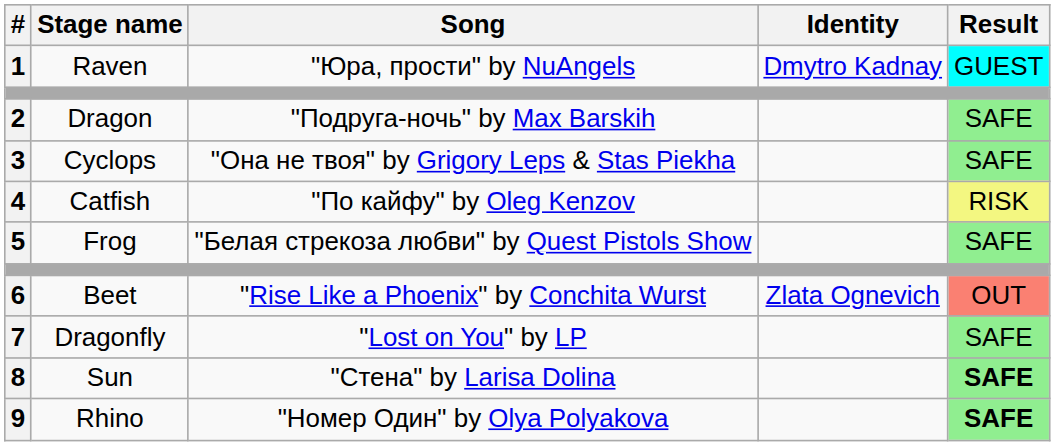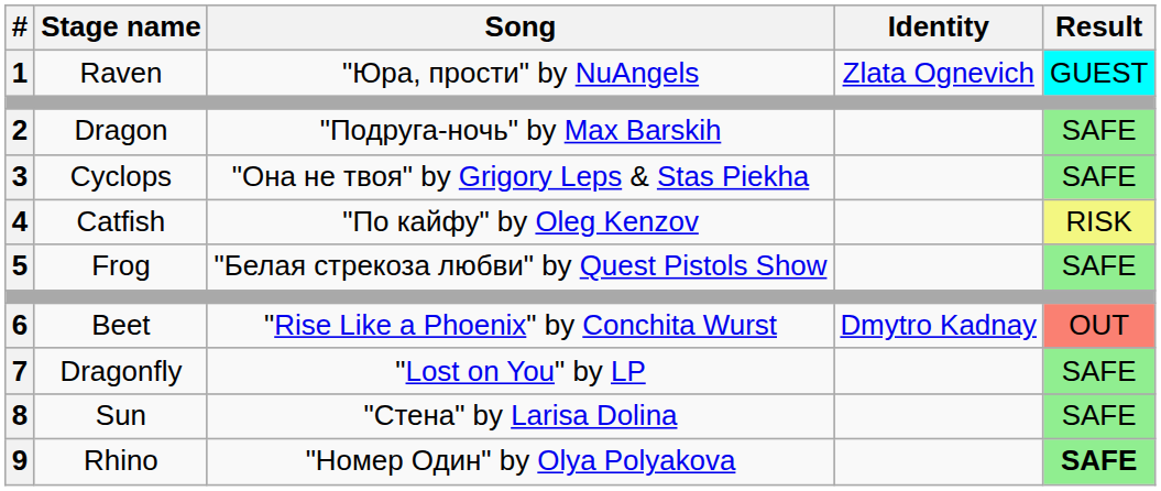 <table class="wikitable plainrowheaders" style="text-align: center">
 <tr>
 <th>#</th>
 <th>Stage name</th>
 <th>Song</th>
 <th>Identity</th>
 <th>Result</th>
 </tr>
 <tr>
 <th>1</th>
 <td>Raven</td>
 <td>"Юра, прости" by <a href='#'>NuAngels</a></td>
-<td><a href='#'>Dmytro Kadnay</a></td>
+<td><a href='#'>Zlata Ognevich</a></td>
 <td bgcolor=#00ffff>GUEST</td>
 </tr>
 <tr>
 <td colspan="5" style="background:darkgray"></td>
 </tr>
 <tr>
 <th>2</th>
 <td>Dragon</td>
 <td>"Подруга-ночь" by <a href='#'>Max Barskih</a></td>
 <td></td>
 <td bgcolor=lightgreen>SAFE</td>
 </tr>
 <tr>
 <th>3</th>
 <td>Cyclops</td>
 <td>"Она не твоя" by <a href='#'>Grigory Leps</a> & <a href='#'>Stas Piekha</a></td>
 <td></td>
 <td bgcolor=lightgreen>SAFE</td>
 </tr>
 <tr>
 <th>4</th>
 <td>Catfish</td>
 <td>"По кайфу" by <a href='#'>Oleg Kenzov</a></td>
 <td></td>
 <td bgcolor="#F3F781">RISK</td>
 </tr>
 <tr>
 <th>5</th>
 <td>Frog</td>
 <td>"Белая стрекоза любви" by <a href='#'>Quest Pistols Show</a></td>
 <td></td>
 <td bgcolor=lightgreen>SAFE</td>
 </tr>
 <tr>
 <td colspan="5" style="background:darkgray"></td>
 </tr>
 <tr>
 <th>6</th>
 <td>Beet</td>
 <td>"<a href='#'>Rise Like a Phoenix</a>" by <a href='#'>Conchita Wurst</a></td>
-<td><a href='#'>Zlata Ognevich</a></td>
+<td><a href='#'>Dmytro Kadnay</a></td>
 <td bgcolor=salmon>OUT</td>
 </tr>
 <tr>
 <th>7</th>
 <td>Dragonfly</td>
 <td>"<a href='#'>Lost on You</a>" by <a href='#'>LP</a></td>
 <td></td>
 <td bgcolor=lightgreen>SAFE</td>
 </tr>
 <tr>
 <th>8</th>
 <td>Sun</td>
 <td>"Стена" by <a href='#'>Larisa Dolina</a></td>
 <td></td>
-<td bgcolor=lightgreen><strong>SAFE</strong></td>
+<td bgcolor=lightgreen>SAFE</td>
 </tr>
 <tr>
 <th>9</th>
 <td>Rhino</td>
 <td>"Номер Один" by <a href='#'>Olya Polyakova</a></td>
 <td></td>
 <td bgcolor=lightgreen><strong>SAFE</strong></td>
 </tr>
 </table>
